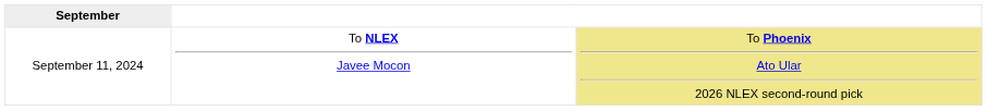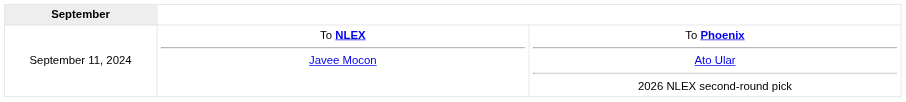 <table border=1 style="border-collapse:collapse; text-align: center; width: 100%" bordercolor="#DFDFDF"  cellpadding="5">
 <tr bgcolor="eeeeee">
 <th>September</th>
 </tr>
 <tr>
 <td style="width:12%">September 11, 2024</td>
 <td style="width:29.3%" valign="top">To <strong><a href='#'>NLEX</a></strong><hr><a href='#'>Javee Mocon</a></td>
-<td style="background: khaki; width:29.3%" valign="top">To <strong><a href='#'>Phoenix</a></strong><hr><a href='#'>Ato Ular</a><hr>2026 NLEX second-round pick</td>
+<td style="width:29.3%" valign="top">To <strong><a href='#'>Phoenix</a></strong><hr><a href='#'>Ato Ular</a><hr>2026 NLEX second-round pick</td>
 </tr>
 </table>
